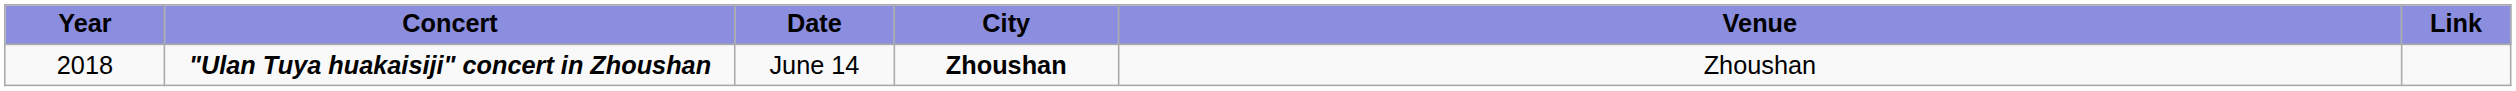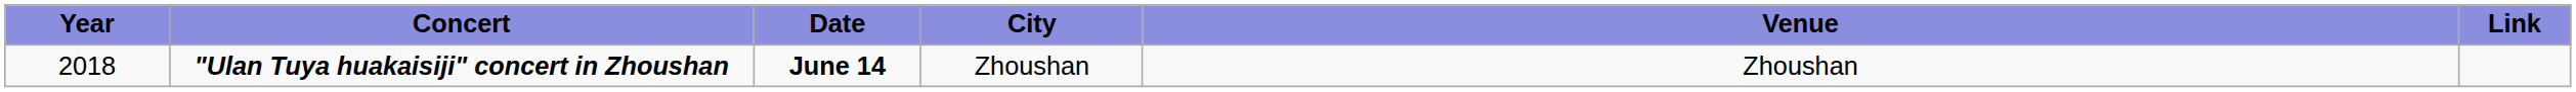 <table class="wikitable sortable mw-collapsible" width="80%" style="text-align:center">
 <tr align="center" style="background:#8B8EDE">
 <td style="width:2%"><strong>Year</strong></td>
 <td style="width:8%"><strong>Concert</strong></td>
 <td style="width:2%"><strong>Date</strong></td>
 <td style="width:2%"><strong>City</strong></td>
 <td style="width:18%"><strong>Venue</strong></td>
 <td style="width:1%"><strong>Link</strong></td>
 </tr>
 <tr>
 <td rowspan="2">2018</td>
 <td rowspan="2"><strong><em>"Ulan Tuya huakaisiji" concert in Zhoushan</em></strong></td>
-<td>June 14</td>
-<td><strong>Zhoushan</strong></td>
+<td><strong>June 14</strong></td>
+<td>Zhoushan</td>
 <td>Zhoushan</td>
 <td></td>
 </tr>
 </table>
